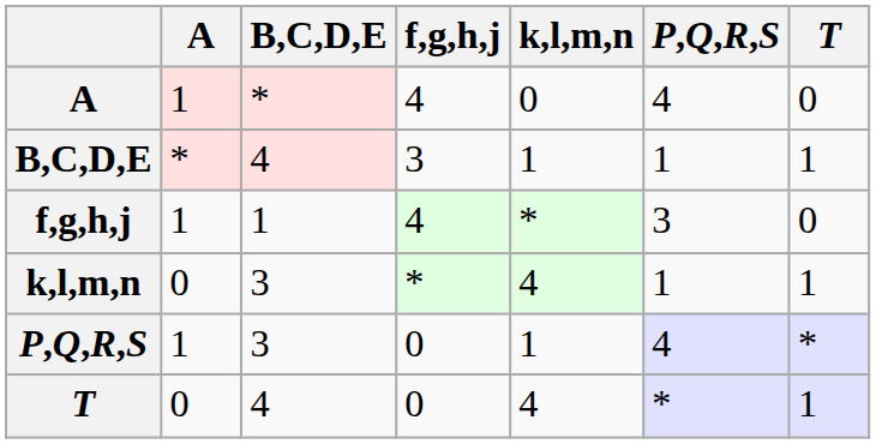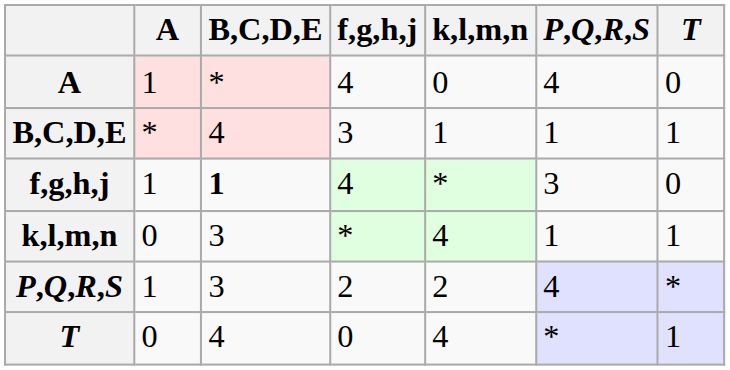 <table class=wikitable>
 <tr>
 <th></th>
 <th>  A  </th>
 <th>B,C,D,E</th>
 <th>f,g,h,j</th>
 <th>k,l,m,n</th>
 <th><em>P</em>,<em>Q</em>,<em>R</em>,<em>S</em></th>
 <th>  <em>T</em>  </th>
 </tr>
 <tr>
 <th>A</th>
 <td BGCOLOR="#ffe0e0">1</td>
 <td BGCOLOR="#ffe0e0">*</td>
 <td>4</td>
 <td>0</td>
 <td>4</td>
 <td>0</td>
 </tr>
 <tr>
 <th>B,C,D,E</th>
 <td BGCOLOR="#ffe0e0">*</td>
 <td BGCOLOR="#ffe0e0">4</td>
 <td>3</td>
 <td>1</td>
 <td>1</td>
 <td>1</td>
 </tr>
 <tr>
 <th>f,g,h,j</th>
 <td>1</td>
-<td>1</td>
+<td><strong>1</strong></td>
 <td BGCOLOR="#e0ffe0">4</td>
 <td BGCOLOR="#e0ffe0">*</td>
 <td>3</td>
 <td>0</td>
 </tr>
 <tr>
 <th>k,l,m,n</th>
 <td>0</td>
 <td>3</td>
 <td BGCOLOR="#e0ffe0">*</td>
 <td BGCOLOR="#e0ffe0">4</td>
 <td>1</td>
 <td>1</td>
 </tr>
 <tr>
 <th><em>P</em>,<em>Q</em>,<em>R</em>,<em>S</em></th>
 <td>1</td>
 <td>3</td>
-<td>0</td>
-<td>1</td>
+<td>2</td>
+<td>2</td>
 <td BGCOLOR="#e0e0ff">4</td>
 <td BGCOLOR="#e0e0ff">*</td>
 </tr>
 <tr>
 <th><em>T</em></th>
 <td>0</td>
 <td>4</td>
 <td>0</td>
 <td>4</td>
 <td BGCOLOR="#e0e0ff">*</td>
 <td BGCOLOR="#e0e0ff">1</td>
 </tr>
 </table>
